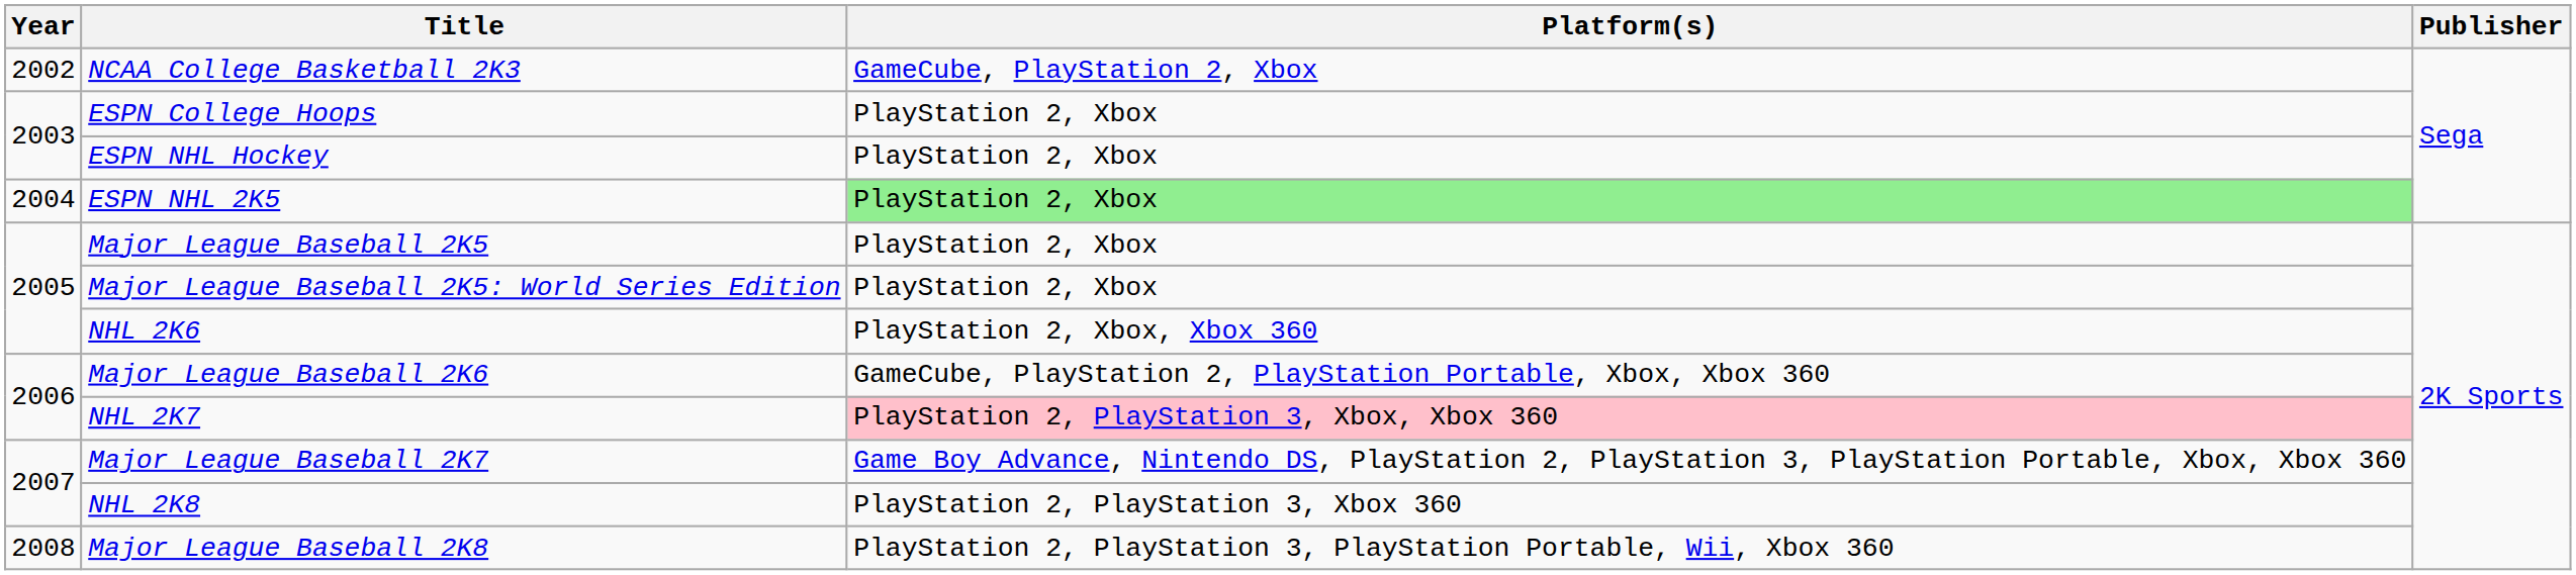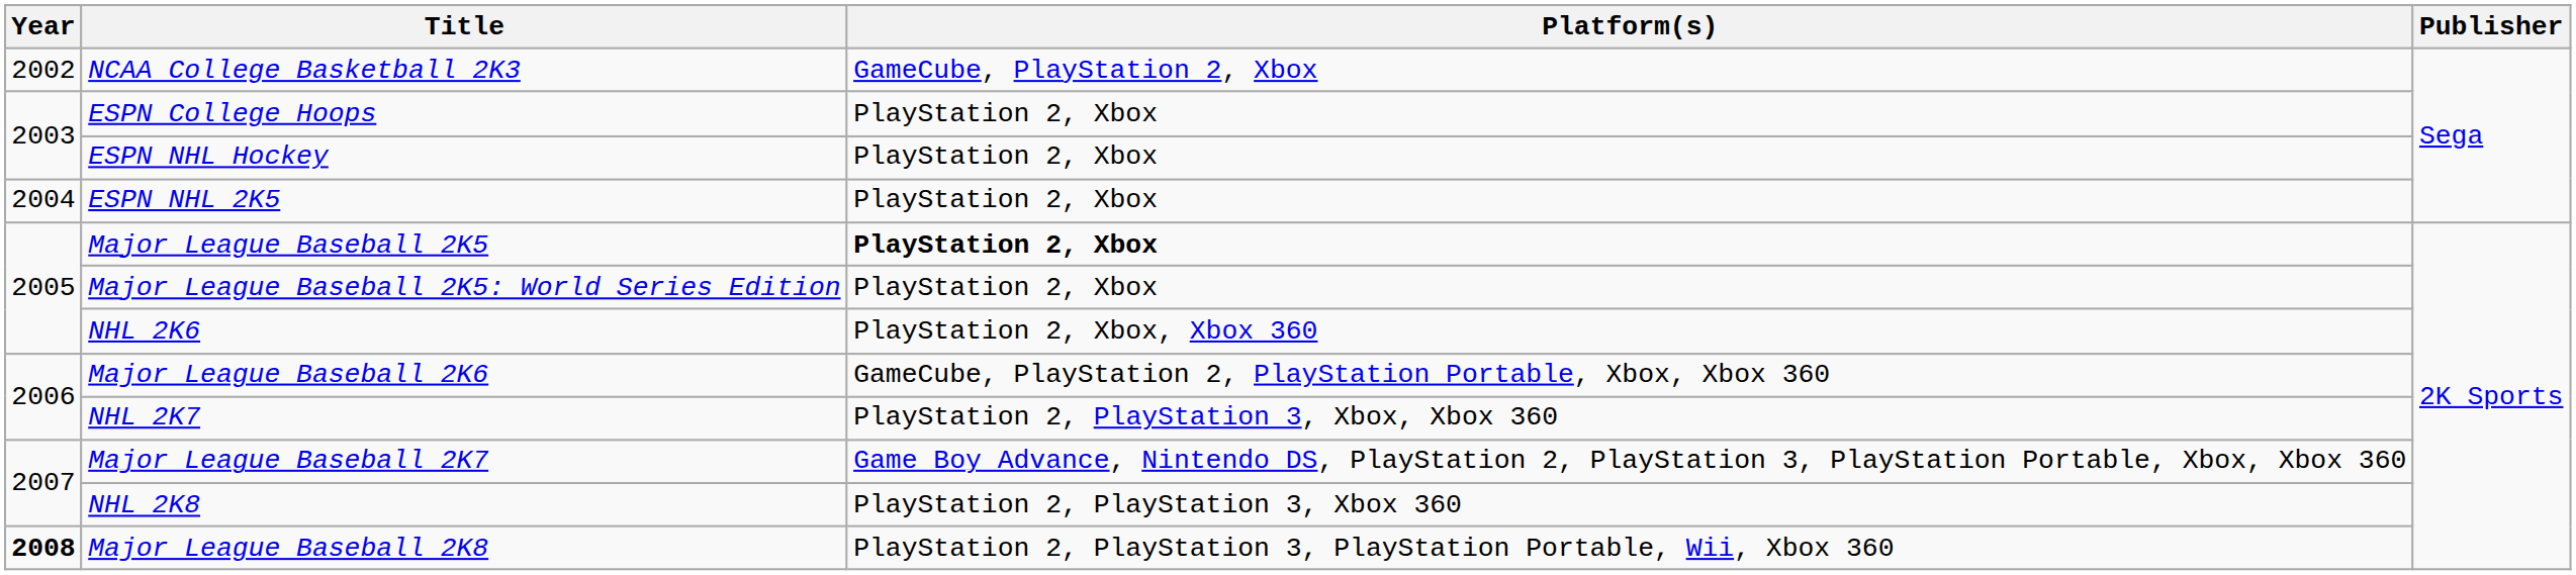 <table class="wikitable sortable">
 <tr>
 <th>Year</th>
 <th>Title</th>
 <th>Platform(s)</th>
 <th>Publisher</th>
 </tr>
 <tr>
 <td>2002</td>
 <td><em><a href='#'>NCAA College Basketball 2K3</a></em></td>
 <td><a href='#'>GameCube</a>, <a href='#'>PlayStation 2</a>, <a href='#'>Xbox</a></td>
 <td rowspan="4"><a href='#'>Sega</a></td>
 </tr>
 <tr>
 <td rowspan="2">2003</td>
 <td><em><a href='#'>ESPN College Hoops</a></em></td>
 <td>PlayStation 2, Xbox</td>
 </tr>
 <tr>
 <td><em><a href='#'>ESPN NHL Hockey</a></em></td>
 <td>PlayStation 2, Xbox</td>
 </tr>
 <tr>
 <td>2004</td>
 <td><em><a href='#'>ESPN NHL 2K5</a></em></td>
-<td style="background: lightgreen;">PlayStation 2, Xbox</td>
+<td>PlayStation 2, Xbox</td>
 </tr>
 <tr>
 <td rowspan="3">2005</td>
 <td><em><a href='#'>Major League Baseball 2K5</a></em></td>
-<td>PlayStation 2, Xbox</td>
+<td><strong>PlayStation 2, Xbox</strong></td>
 <td rowspan="8"><a href='#'>2K Sports</a></td>
 </tr>
 <tr>
 <td><em><a href='#'>Major League Baseball 2K5: World Series Edition</a></em></td>
 <td>PlayStation 2, Xbox</td>
 </tr>
 <tr>
 <td><em><a href='#'>NHL 2K6</a></em></td>
 <td>PlayStation 2, Xbox, <a href='#'>Xbox 360</a></td>
 </tr>
 <tr>
 <td rowspan="2">2006</td>
 <td><em><a href='#'>Major League Baseball 2K6</a></em></td>
 <td>GameCube, PlayStation 2, <a href='#'>PlayStation Portable</a>, Xbox, Xbox 360</td>
 </tr>
 <tr>
 <td><em><a href='#'>NHL 2K7</a></em></td>
-<td style="background: pink;">PlayStation 2, <a href='#'>PlayStation 3</a>, Xbox, Xbox 360</td>
+<td>PlayStation 2, <a href='#'>PlayStation 3</a>, Xbox, Xbox 360</td>
 </tr>
 <tr>
 <td rowspan="2">2007</td>
 <td><em><a href='#'>Major League Baseball 2K7</a></em></td>
 <td><a href='#'>Game Boy Advance</a>, <a href='#'>Nintendo DS</a>, PlayStation 2, PlayStation 3, PlayStation Portable, Xbox, Xbox 360</td>
 </tr>
 <tr>
 <td><em><a href='#'>NHL 2K8</a></em></td>
 <td>PlayStation 2, PlayStation 3, Xbox 360</td>
 </tr>
 <tr>
-<td>2008</td>
+<td><strong>2008</strong></td>
 <td><em><a href='#'>Major League Baseball 2K8</a></em></td>
 <td>PlayStation 2, PlayStation 3, PlayStation Portable, <a href='#'>Wii</a>, Xbox 360</td>
 </tr>
 </table>
